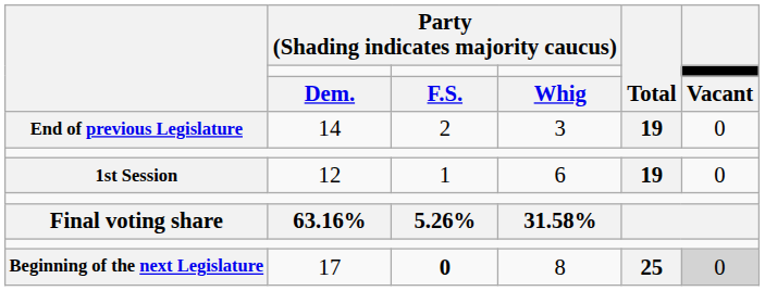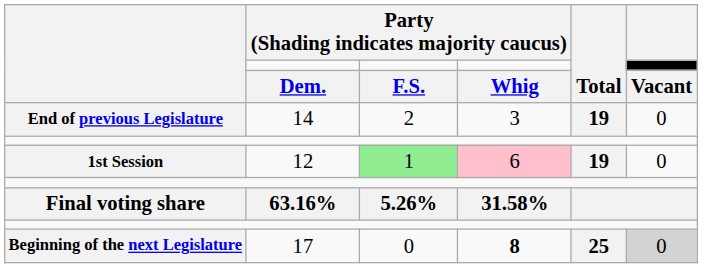 <table class=wikitable style="text-align:center">
 <tr style="vertical-align:bottom;">
 <th rowspan=3></th>
 <th colspan=3>Party <div>(Shading indicates majority caucus)</div></th>
 <th rowspan=3>Total</th>
 <th></th>
 </tr>
 <tr style="height:5px">
 <td style="background-color:"></td>
 <td style="background-color:"></td>
 <td style="background-color:"></td>
 <td style="background:black;"></td>
 </tr>
 <tr>
 <th><a href='#'>Dem.</a></th>
 <th><a href='#'>F.S.</a></th>
 <th><a href='#'>Whig</a></th>
 <th>Vacant</th>
 </tr>
 <tr>
 <th style="font-size:80%;">End of <a href='#'>previous Legislature</a></th>
 <td>14</td>
 <td>2</td>
 <td>3</td>
 <th>19</th>
 <td>0</td>
 </tr>
 <tr>
 <td colspan=6></td>
 </tr>
 <tr>
 <th style="font-size:80%;">1st Session</th>
 <td>12</td>
-<td>1</td>
-<td>6</td>
+<td style="background: lightgreen;">1</td>
+<td style="background: pink;">6</td>
 <th>19</th>
 <td>0</td>
 </tr>
 <tr>
 <td colspan=6></td>
 </tr>
 <tr>
 <th>Final voting share</th>
 <th>63.16%</th>
 <th>5.26%</th>
 <th>31.58%</th>
 <th colspan=2></th>
 </tr>
 <tr>
 <td colspan=6></td>
 </tr>
 <tr>
 <th style="font-size:80%;">Beginning of the <a href='#'>next Legislature</a></th>
 <td>17</td>
-<td><strong>0</strong></td>
-<td>8</td>
+<td>0</td>
+<td><strong>8</strong></td>
 <th>25</th>
 <td style="background: lightgrey;">0</td>
 </tr>
 </table>
